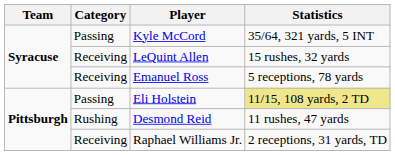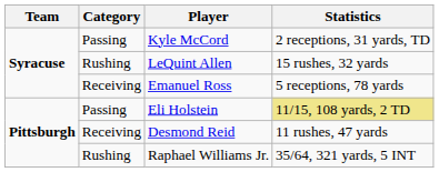 <table class="wikitable" style="float: right;">
 <tr>
 <th>Team</th>
 <th>Category</th>
 <th>Player</th>
 <th>Statistics</th>
 </tr>
 <tr>
 <td rowspan=3><strong>Syracuse</strong></td>
 <td>Passing</td>
 <td><a href='#'>Kyle McCord</a></td>
-<td>35/64, 321 yards, 5 INT</td>
+<td>2 receptions, 31 yards, TD</td>
 </tr>
 <tr>
-<td>Receiving</td>
+<td>Rushing</td>
 <td><a href='#'>LeQuint Allen</a></td>
 <td>15 rushes, 32 yards</td>
 </tr>
 <tr>
 <td>Receiving</td>
 <td><a href='#'>Emanuel Ross</a></td>
 <td>5 receptions, 78 yards</td>
 </tr>
 <tr>
 <td rowspan=3><strong>Pittsburgh</strong></td>
 <td>Passing</td>
 <td><a href='#'>Eli Holstein</a></td>
 <td style="background: khaki;">11/15, 108 yards, 2 TD</td>
 </tr>
 <tr>
-<td>Rushing</td>
+<td>Receiving</td>
 <td><a href='#'>Desmond Reid</a></td>
 <td>11 rushes, 47 yards</td>
 </tr>
 <tr>
-<td>Receiving</td>
+<td>Rushing</td>
 <td>Raphael Williams Jr.</td>
-<td>2 receptions, 31 yards, TD</td>
+<td>35/64, 321 yards, 5 INT</td>
 </tr>
 </table>
